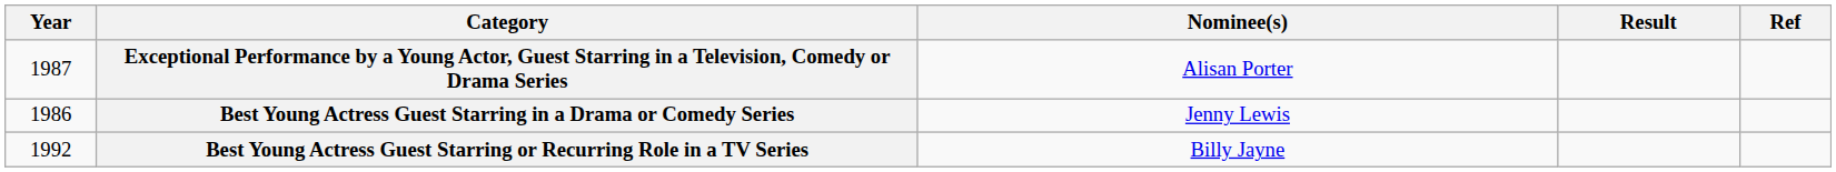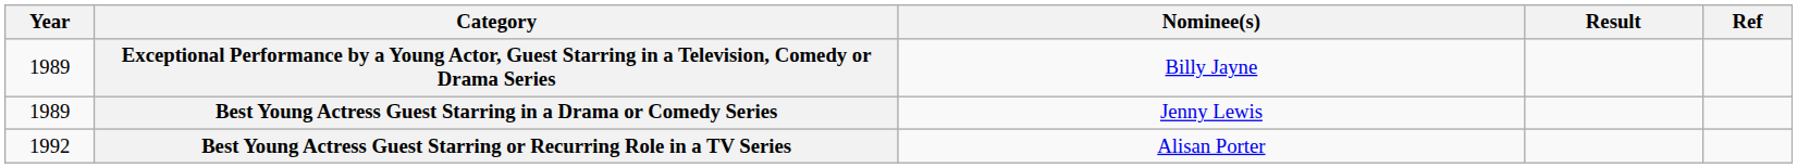 <table class="wikitable plainrowheaders" style="font-size: 90%; text-align:center" width=100%>
 <tr>
 <th scope="col" width="5%">Year</th>
 <th scope="col" width="45%">Category</th>
 <th scope="col" width="35%">Nominee(s)</th>
 <th scope="col" width="10%">Result</th>
 <th scope="col" width="5%">Ref</th>
 </tr>
 <tr>
-<td>1987</td>
+<td>1989</td>
 <th scope="row" style="text-align:center">Exceptional Performance by a Young Actor, Guest Starring in a Television, Comedy or Drama Series</th>
-<td><a href='#'>Alisan Porter</a></td>
+<td><a href='#'>Billy Jayne</a></td>
 <td></td>
 <td></td>
 </tr>
 <tr>
-<td>1986</td>
+<td>1989</td>
 <th scope="row" style="text-align:center">Best Young Actress Guest Starring in a Drama or Comedy Series</th>
 <td><a href='#'>Jenny Lewis</a></td>
 <td></td>
 <td></td>
 </tr>
 <tr>
 <td>1992</td>
 <th scope="row" style="text-align:center">Best Young Actress Guest Starring or Recurring Role in a TV Series</th>
-<td><a href='#'>Billy Jayne</a></td>
+<td><a href='#'>Alisan Porter</a></td>
 <td></td>
 <td></td>
 </tr>
 </table>
